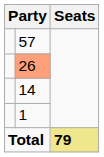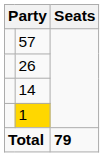 <table class="wikitable">
 <tr>
 <th colspan=2>Party</th>
 <th>Seats</th>
 </tr>
 <tr>
 <td></td>
 <td>57</td>
 </tr>
 <tr>
 <td></td>
-<td style="background: lightsalmon;">26</td>
+<td>26</td>
 </tr>
 <tr>
 <td></td>
 <td>14</td>
 </tr>
 <tr>
 <td></td>
-<td>1</td>
+<td style="background: gold;">1</td>
 </tr>
 <tr>
 <td colspan="2"><strong>Total</strong></td>
-<td style="background: khaki;"><strong>79</strong></td>
+<td><strong>79</strong></td>
 </tr>
 </table>
